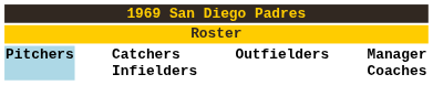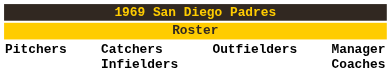 <table class="toccolours" style="font-size: 95%;">
 <tr>
 <th colspan="10" style="background-color: #312821; color: #FFCC00; text-align: center;">1969 San Diego Padres</th>
 </tr>
 <tr>
 <td colspan="10" style="background-color: #FFCC00; color: #312821; text-align: center;"><strong>Roster</strong></td>
 </tr>
 <tr>
-<td valign="top" style="background: lightblue;"><strong>Pitchers</strong><br>                </td>
+<td valign="top"><strong>Pitchers</strong><br>                </td>
 <td width="25px"></td>
 <td valign="top"><strong>Catchers</strong><br>     <strong>Infielders</strong>            </td>
 <td width="25px"></td>
 <td valign="top"><strong>Outfielders</strong><br>       </td>
 <td width="25px"></td>
 <td valign="top"><strong>Manager</strong><br> <strong>Coaches</strong>    </td>
 </tr>
 </table>
